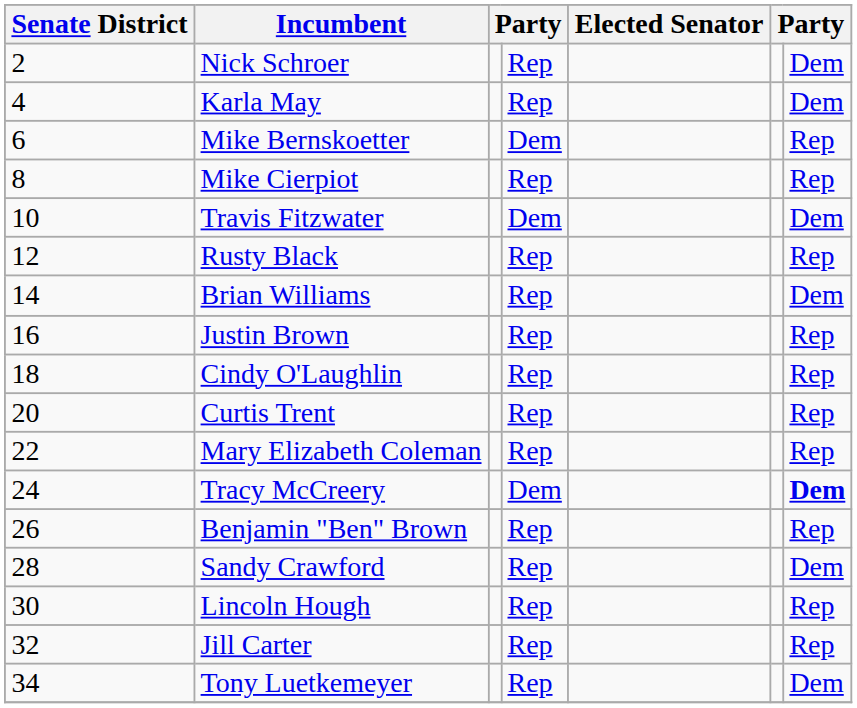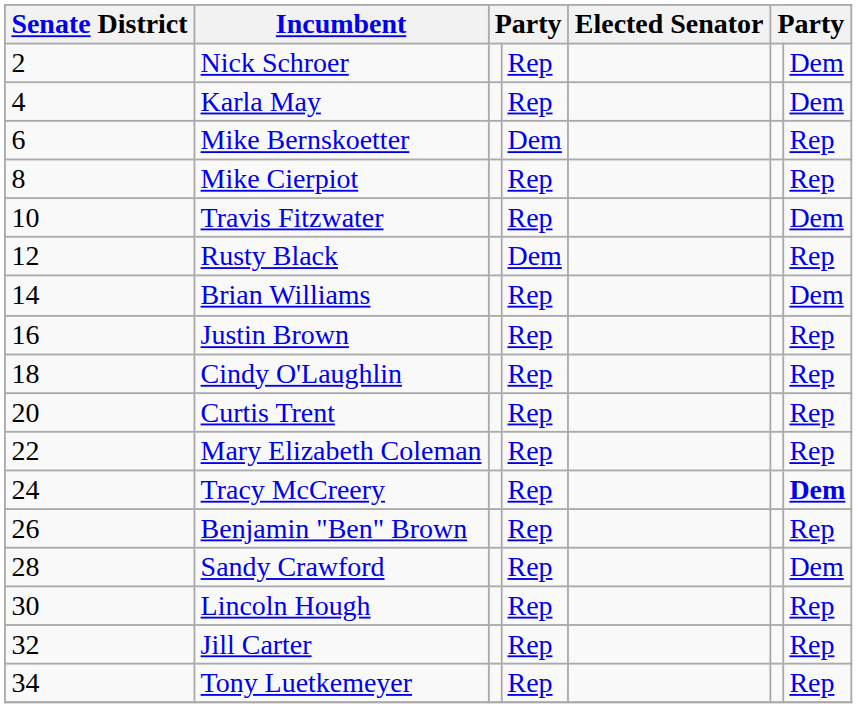 <table class="sortable wikitable" style="font-size:95%;line-height:14px;">
 <tr>
 <th colspan="1" class="sortable"><a href='#'>Senate</a> District</th>
 <th class="unsortable"><a href='#'>Incumbent</a></th>
 <th colspan="2">Party</th>
 <th class="unsortable">Elected Senator</th>
 <th colspan="2">Party</th>
 </tr>
 <tr>
 <td>2</td>
 <td><a href='#'>Nick Schroer</a></td>
 <td style="background:"></td>
 <td><a href='#'>Rep</a></td>
 <td></td>
 <td style="background:"></td>
 <td><a href='#'>Dem</a></td>
 </tr>
 <tr>
 <td>4</td>
 <td><a href='#'>Karla May</a></td>
 <td style="background:"></td>
 <td><a href='#'>Rep</a></td>
 <td></td>
 <td style="background:"></td>
 <td><a href='#'>Dem</a></td>
 </tr>
 <tr>
 <td>6</td>
 <td><a href='#'>Mike Bernskoetter</a></td>
 <td style="background:"></td>
 <td><a href='#'>Dem</a></td>
 <td></td>
 <td style="background:"></td>
 <td><a href='#'>Rep</a></td>
 </tr>
 <tr>
 <td>8</td>
 <td><a href='#'>Mike Cierpiot</a></td>
 <td style="background:"></td>
 <td><a href='#'>Rep</a></td>
 <td></td>
 <td style="background:"></td>
 <td><a href='#'>Rep</a></td>
 </tr>
 <tr>
 <td>10</td>
 <td><a href='#'>Travis Fitzwater</a></td>
 <td style="background:"></td>
-<td><a href='#'>Dem</a></td>
+<td><a href='#'>Rep</a></td>
 <td></td>
 <td style="background:"></td>
 <td><a href='#'>Dem</a></td>
 </tr>
 <tr>
 <td>12</td>
 <td><a href='#'>Rusty Black</a></td>
 <td style="background:"></td>
-<td><a href='#'>Rep</a></td>
+<td><a href='#'>Dem</a></td>
 <td></td>
 <td style="background:"></td>
 <td><a href='#'>Rep</a></td>
 </tr>
 <tr>
 <td>14</td>
 <td><a href='#'>Brian Williams</a></td>
 <td style="background:"></td>
 <td><a href='#'>Rep</a></td>
 <td></td>
 <td style="background:"></td>
 <td><a href='#'>Dem</a></td>
 </tr>
 <tr>
 <td>16</td>
 <td><a href='#'>Justin Brown</a></td>
 <td style="background:"></td>
 <td><a href='#'>Rep</a></td>
 <td></td>
 <td style="background:"></td>
 <td><a href='#'>Rep</a></td>
 </tr>
 <tr>
 <td>18</td>
 <td><a href='#'>Cindy O'Laughlin</a></td>
 <td style="background:"></td>
 <td><a href='#'>Rep</a></td>
 <td></td>
 <td style="background:"></td>
 <td><a href='#'>Rep</a></td>
 </tr>
 <tr>
 <td>20</td>
 <td><a href='#'>Curtis Trent</a></td>
 <td style="background:"></td>
 <td><a href='#'>Rep</a></td>
 <td></td>
 <td style="background:"></td>
 <td><a href='#'>Rep</a></td>
 </tr>
 <tr>
 <td>22</td>
 <td><a href='#'>Mary Elizabeth Coleman</a></td>
 <td style="background:"></td>
 <td><a href='#'>Rep</a></td>
 <td></td>
 <td style="background:"></td>
 <td><a href='#'>Rep</a></td>
 </tr>
 <tr>
 <td>24</td>
 <td><a href='#'>Tracy McCreery</a></td>
 <td style="background:"></td>
-<td><a href='#'>Dem</a></td>
+<td><a href='#'>Rep</a></td>
 <td></td>
 <td style="background:"></td>
 <td><strong><a href='#'>Dem</a></strong></td>
 </tr>
 <tr>
 <td>26</td>
 <td><a href='#'>Benjamin "Ben" Brown</a></td>
 <td style="background:"></td>
 <td><a href='#'>Rep</a></td>
 <td></td>
 <td style="background:"></td>
 <td><a href='#'>Rep</a></td>
 </tr>
 <tr>
 <td>28</td>
 <td><a href='#'>Sandy Crawford</a></td>
 <td style="background:"></td>
 <td><a href='#'>Rep</a></td>
 <td></td>
 <td style="background:"></td>
 <td><a href='#'>Dem</a></td>
 </tr>
 <tr>
 <td>30</td>
 <td><a href='#'>Lincoln Hough</a></td>
 <td style="background:"></td>
 <td><a href='#'>Rep</a></td>
 <td></td>
 <td style="background:"></td>
 <td><a href='#'>Rep</a></td>
 </tr>
 <tr>
 <td>32</td>
 <td><a href='#'>Jill Carter</a></td>
 <td style="background:"></td>
 <td><a href='#'>Rep</a></td>
 <td></td>
 <td style="background:"></td>
 <td><a href='#'>Rep</a></td>
 </tr>
 <tr>
 <td>34</td>
 <td><a href='#'>Tony Luetkemeyer</a></td>
 <td style="background:"></td>
 <td><a href='#'>Rep</a></td>
 <td></td>
 <td style="background:"></td>
-<td><a href='#'>Dem</a></td>
+<td><a href='#'>Rep</a></td>
 </tr>
 <tr>
 </tr>
 </table>
